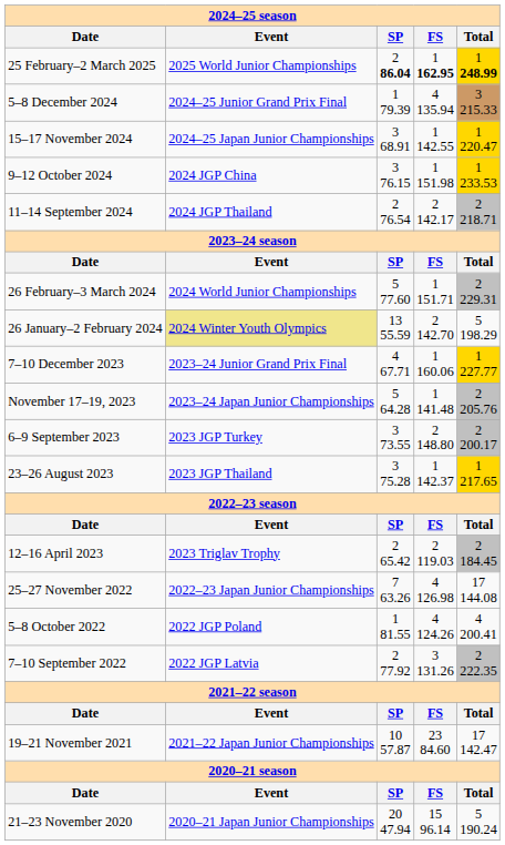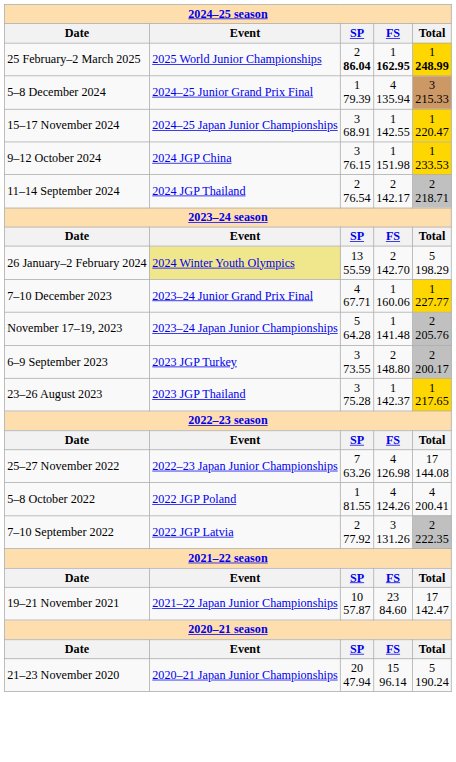 <table class="wikitable">
 <tr>
 <th colspan="5" style="background-color: #ffdead; " align="center"><a href='#'>2024–25 season</a></th>
 </tr>
 <tr>
 <th>Date</th>
 <th>Event</th>
 <th><a href='#'>SP</a></th>
 <th><a href='#'>FS</a></th>
 <th>Total</th>
 </tr>
 <tr>
 <td>25 February–2 March 2025</td>
 <td><a href='#'>2025 World Junior Championships</a></td>
 <td align=center>2 <br> <strong>86.04</strong></td>
 <td align=center>1<br> <strong>162.95</strong></td>
 <td align=center bgcolor=gold>1 <br>  <strong>248.99</strong></td>
 </tr>
 <tr>
 <td>5–8 December 2024</td>
 <td><a href='#'>2024–25 Junior Grand Prix Final</a></td>
 <td align=center>1 <br> 79.39</td>
 <td align=center>4 <br> 135.94</td>
 <td align=center bgcolor=cc9966>3 <br> 215.33</td>
 </tr>
 <tr>
 <td>15–17 November 2024</td>
 <td><a href='#'>2024–25 Japan Junior Championships</a></td>
 <td align="center">3 <br> 68.91</td>
 <td align=center>1 <br> 142.55</td>
 <td align=center bgcolor=gold>1 <br> 220.47</td>
 </tr>
 <tr>
 <td>9–12 October 2024</td>
 <td><a href='#'>2024 JGP China</a></td>
 <td align="center">3 <br> 76.15</td>
 <td align=center>1 <br> 151.98</td>
 <td align=center bgcolor=gold>1 <br> 233.53</td>
 </tr>
 <tr>
 <td>11–14 September 2024</td>
 <td><a href='#'>2024 JGP Thailand</a></td>
 <td align=center>2 <br> 76.54</td>
 <td align=center>2 <br> 142.17</td>
 <td align=center bgcolor=silver>2 <br> 218.71</td>
 </tr>
 <tr>
 <th colspan="5" style="background-color: #ffdead; " align="center"><a href='#'>2023–24 season</a></th>
 </tr>
 <tr>
 <th>Date</th>
 <th>Event</th>
 <th><a href='#'>SP</a></th>
 <th><a href='#'>FS</a></th>
 <th>Total</th>
 </tr>
 <tr>
-<td>26 February–3 March 2024</td>
-<td><a href='#'>2024 World Junior Championships</a></td>
-<td align=center>5 <br> 77.60</td>
-<td align=center>1 <br> 151.71</td>
-<td align=center bgcolor=silver>2 <br> 229.31</td>
-</tr>
-<tr>
 <td>26 January–2 February 2024</td>
 <td style="background: khaki;"><a href='#'>2024 Winter Youth Olympics</a></td>
 <td align=center>13 <br> 55.59</td>
 <td align=center>2 <br> 142.70</td>
 <td align=center>5 <br> 198.29</td>
 </tr>
 <tr>
 <td>7–10 December 2023</td>
 <td><a href='#'>2023–24 Junior Grand Prix Final</a></td>
 <td align=center>4 <br> 67.71</td>
 <td align=center>1 <br> 160.06</td>
 <td align=center bgcolor=gold>1 <br> 227.77</td>
 </tr>
 <tr>
 <td>November 17–19, 2023</td>
 <td><a href='#'>2023–24 Japan Junior Championships</a></td>
 <td align=center>5 <br> 64.28</td>
 <td align=center>1 <br> 141.48</td>
 <td align=center bgcolor=silver>2 <br> 205.76</td>
 </tr>
 <tr>
 <td>6–9 September 2023</td>
 <td><a href='#'>2023 JGP Turkey</a></td>
 <td align="center">3 <br> 73.55</td>
 <td align="center">2 <br> 148.80</td>
 <td align="center" bgcolor="silver">2 <br> 200.17</td>
 </tr>
 <tr>
 <td>23–26 August 2023</td>
 <td><a href='#'>2023 JGP Thailand</a></td>
 <td align="center">3 <br> 75.28</td>
 <td align="center">1 <br> 142.37</td>
 <td align="center" bgcolor="gold">1 <br> 217.65</td>
 </tr>
 <tr>
 <th colspan="5" style="background-color: #ffdead; " align="center"><a href='#'>2022–23 season</a></th>
 </tr>
 <tr>
 <th>Date</th>
 <th>Event</th>
 <th><a href='#'>SP</a></th>
 <th><a href='#'>FS</a></th>
 <th>Total</th>
-</tr>
-<tr>
-<td>12–16 April 2023</td>
-<td><a href='#'>2023 Triglav Trophy</a></td>
-<td align="center">2 <br> 65.42</td>
-<td align="center">2 <br> 119.03</td>
-<td align="center" bgcolor="silver">2 <br> 184.45</td>
 </tr>
 <tr>
 <td>25–27 November 2022</td>
 <td><a href='#'>2022–23 Japan Junior Championships</a></td>
 <td align="center">7 <br> 63.26</td>
 <td align="center">4 <br> 126.98</td>
 <td align="center">17 <br> 144.08</td>
 </tr>
 <tr>
 <td>5–8 October 2022</td>
 <td><a href='#'>2022 JGP Poland</a></td>
 <td align=center>1 <br> 81.55</td>
 <td align="center">4 <br> 124.26</td>
 <td align="center">4 <br> 200.41</td>
 </tr>
 <tr>
 <td>7–10 September 2022</td>
 <td><a href='#'>2022 JGP Latvia</a></td>
 <td align=center>2 <br> 77.92</td>
 <td align="center">3 <br> 131.26</td>
 <td align="center" bgcolor="silver">2 <br> 222.35</td>
 </tr>
 <tr>
 <th colspan="5" style="background-color: #ffdead; " align="center"><a href='#'>2021–22 season</a></th>
 </tr>
 <tr>
 <th>Date</th>
 <th>Event</th>
 <th><a href='#'>SP</a></th>
 <th><a href='#'>FS</a></th>
 <th>Total</th>
 </tr>
 <tr>
 <td>19–21 November 2021</td>
 <td><a href='#'>2021–22 Japan Junior Championships</a></td>
 <td align="center">10 <br> 57.87</td>
 <td align="center">23 <br> 84.60</td>
 <td align="center">17 <br> 142.47</td>
 </tr>
 <tr>
 <th colspan="5" style="background-color: #ffdead; " align="center"><a href='#'>2020–21 season</a></th>
 </tr>
 <tr>
 <th>Date</th>
 <th>Event</th>
 <th><a href='#'>SP</a></th>
 <th><a href='#'>FS</a></th>
 <th>Total</th>
 </tr>
 <tr>
 <td>21–23 November 2020</td>
 <td><a href='#'>2020–21 Japan Junior Championships</a></td>
 <td align="center">20 <br> 47.94</td>
 <td align="center">15 <br> 96.14</td>
 <td align="center">5 <br> 190.24</td>
 </tr>
 </table>
